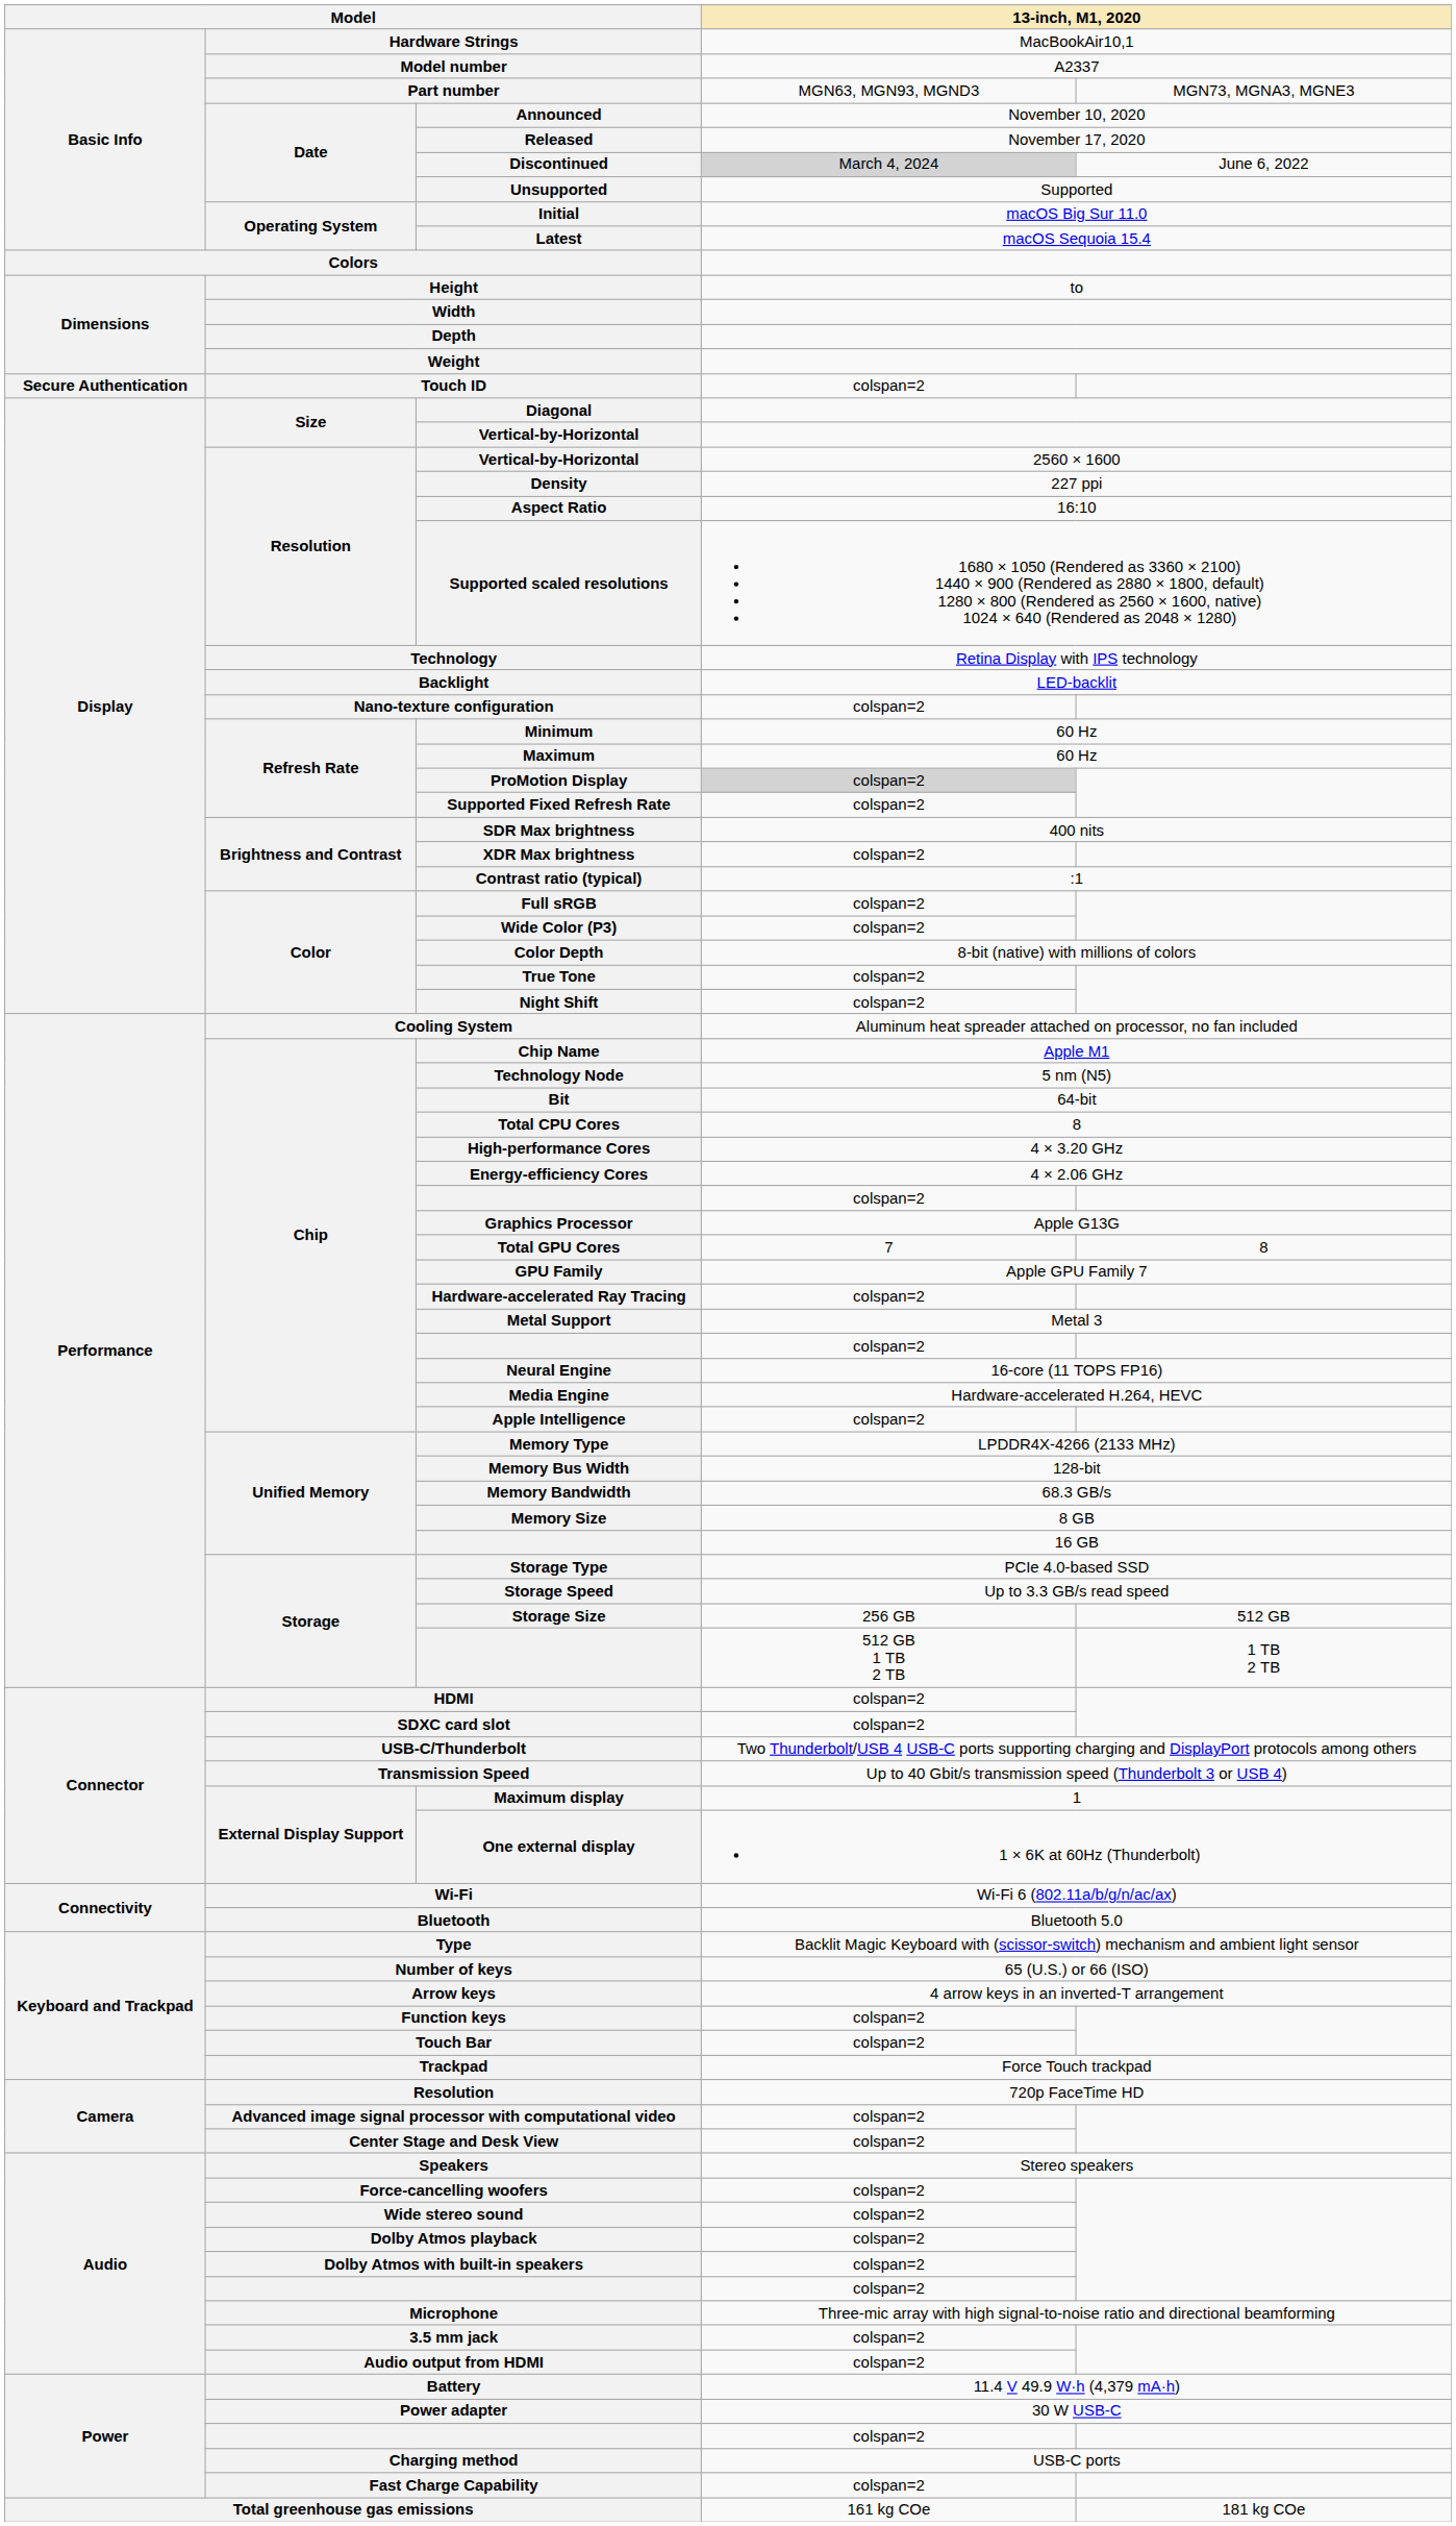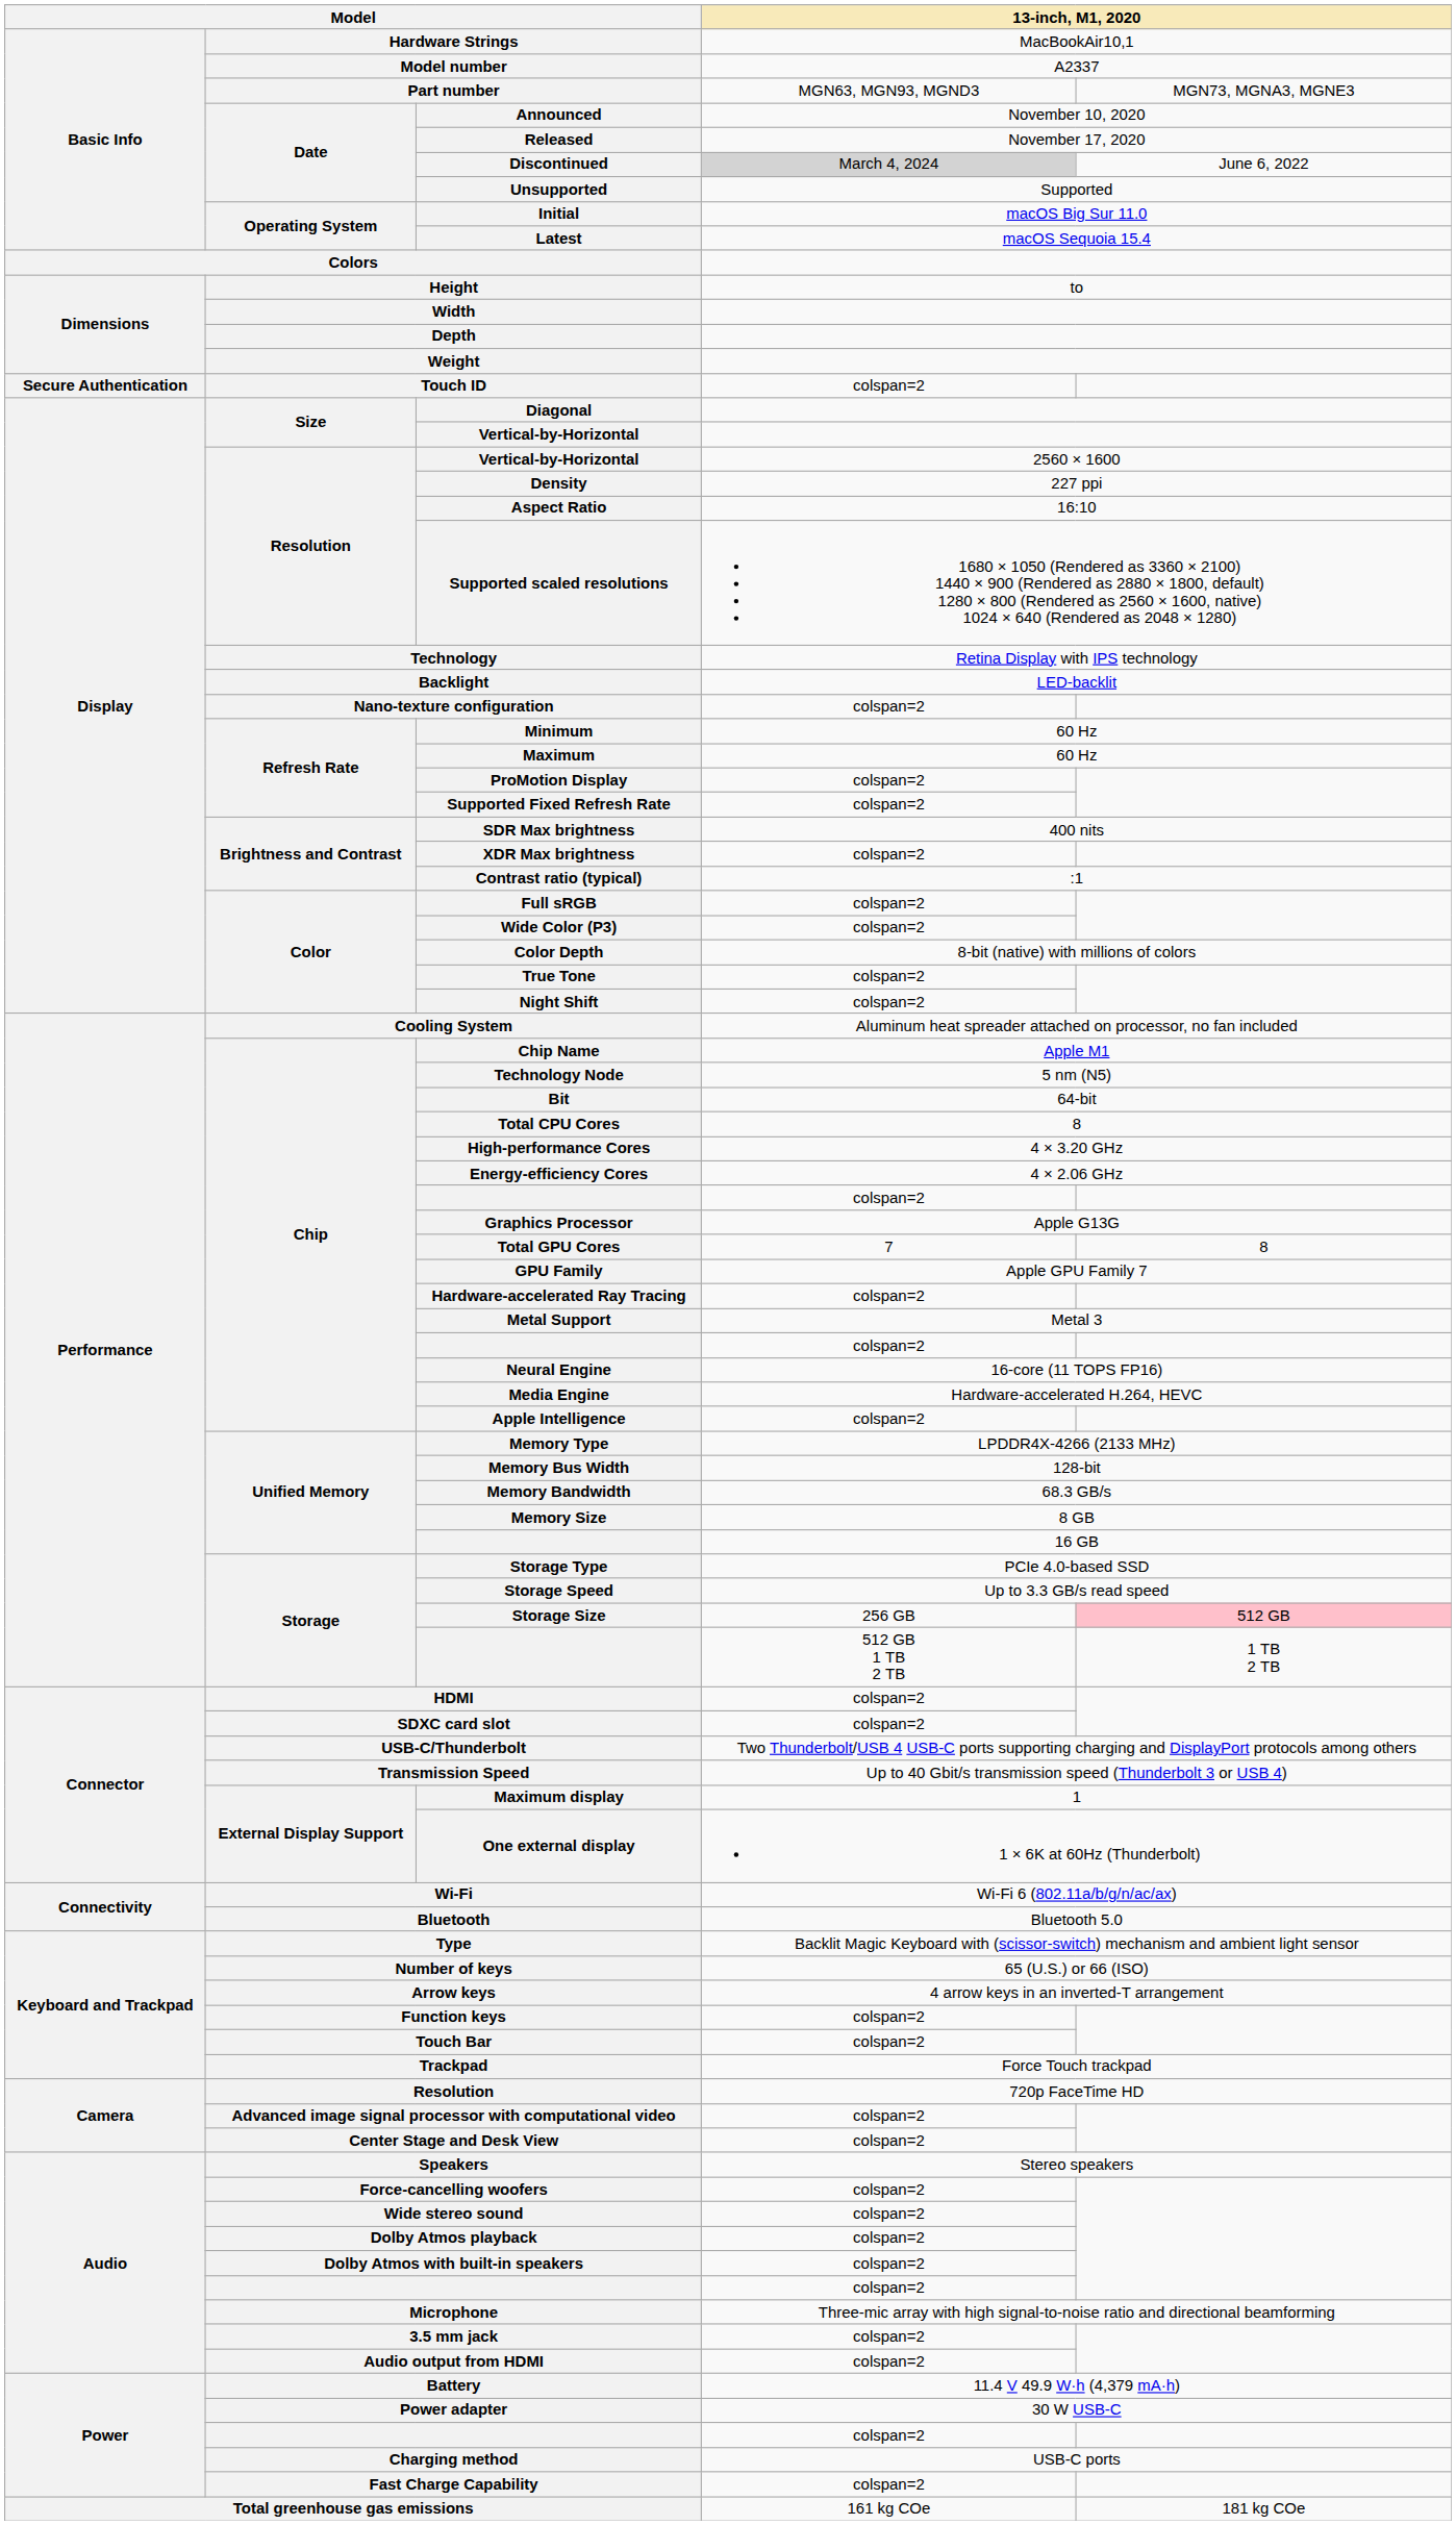 <table class="wikitable collapsible" style="text-align:center; width:100%; font-size: 85%">
 <tr>
 <th scope="colgroup" colspan=3>Model</th>
 <th scope="col" style="background-color:#f8eaba;" colspan=2>13-inch, M1, 2020</th>
 </tr>
 <tr>
 <th scope="rowgroup" rowspan=9 >Basic Info</th>
 <th scope="row" colspan=2 >Hardware Strings</th>
 <td colspan=2>MacBookAir10,1</td>
 </tr>
 <tr>
 <th scope="row" colspan=2 >Model number</th>
 <td colspan=2>A2337</td>
 </tr>
 <tr>
 <th scope="row" colspan=2 >Part number</th>
 <td>MGN63, MGN93, MGND3</td>
 <td>MGN73, MGNA3, MGNE3</td>
 </tr>
 <tr>
 <th scope="rowgroup" rowspan=4 >Date</th>
 <th scope="row" >Announced</th>
 <td colspan=2>November 10, 2020</td>
 </tr>
 <tr>
 <th scope="row" >Released</th>
 <td colspan=2>November 17, 2020</td>
 </tr>
 <tr>
 <th scope="row" >Discontinued</th>
 <td style="background: lightgrey;">March 4, 2024</td>
 <td>June 6, 2022</td>
 </tr>
 <tr>
 <th scope="row" >Unsupported</th>
 <td colspan=2>Supported</td>
 </tr>
 <tr>
 <th scope="rowgroup" rowspan=2 >Operating System</th>
 <th scope="row" >Initial</th>
 <td colspan=2><a href='#'>macOS Big Sur 11.0</a></td>
 </tr>
 <tr>
 <th scope="row" >Latest</th>
 <td colspan=2><a href='#'>macOS Sequoia 15.4</a></td>
 </tr>
 <tr>
 <th scope="row" colspan=3 >Colors</th>
 <td colspan=4><span></span> <span></span> <span></span></td>
 </tr>
 <tr>
 <th scope="rowgroup" rowspan=4 >Dimensions</th>
 <th scope="row" colspan=2 >Height</th>
 <td colspan=2> to </td>
 </tr>
 <tr>
 <th scope="row" colspan=2 >Width</th>
 <td colspan=2></td>
 </tr>
 <tr>
 <th scope="row" colspan=2 >Depth</th>
 <td colspan=2></td>
 </tr>
 <tr>
 <th scope="row" colspan=2 >Weight</th>
 <td colspan=2></td>
 </tr>
 <tr>
 <th scope="rowgroup" rowspan=1 >Secure Authentication</th>
 <th scope="row" colspan=2 >Touch ID</th>
 <td>colspan=2 </td>
 </tr>
 <tr>
 <th scope="rowgroup" rowspan=21 >Display</th>
 <th scope="rowgroup" rowspan=2 >Size</th>
 <th scope="row" >Diagonal</th>
 <td colspan=2></td>
 </tr>
 <tr>
 <th scope="row" >Vertical-by-Horizontal</th>
 <td colspan=2></td>
 </tr>
 <tr>
 <th scope="rowgroup" rowspan=4 >Resolution</th>
 <th scope="row" >Vertical-by-Horizontal</th>
 <td colspan=2>2560 × 1600</td>
 </tr>
 <tr>
 <th scope="row" >Density</th>
 <td colspan=2>227 ppi</td>
 </tr>
 <tr>
 <th scope="row" >Aspect Ratio</th>
 <td colspan=2>16:10</td>
 </tr>
 <tr>
 <th scope="row" >Supported scaled resolutions</th>
 <td colspan=2><br><ul><li>1680 × 1050 (Rendered as 3360 × 2100)</li><li>1440 × 900 (Rendered as 2880 × 1800, default)</li><li>1280 × 800 (Rendered as 2560 × 1600, native)</li><li>1024 × 640 (Rendered as 2048 × 1280)</li></ul></td>
 </tr>
 <tr>
 <th scope="rowgroup" colspan=2 >Technology</th>
 <td colspan=2><a href='#'>Retina Display</a> with <a href='#'>IPS</a> technology</td>
 </tr>
 <tr>
 <th scope="rowgroup" colspan=2 >Backlight</th>
 <td colspan=2><a href='#'>LED-backlit</a></td>
 </tr>
 <tr>
 <th scope="rowgroup" colspan=2 >Nano-texture configuration</th>
 <td>colspan=2 </td>
 </tr>
 <tr>
 <th scope="rowgroup" rowspan=4 >Refresh Rate</th>
 <th scope="row" >Minimum</th>
 <td colspan=2>60 Hz</td>
 </tr>
 <tr>
 <th scope="row" >Maximum</th>
 <td colspan=2>60 Hz</td>
 </tr>
 <tr>
 <th scope="row" >ProMotion Display</th>
-<td style="background: lightgrey;">colspan=2 </td>
+<td>colspan=2 </td>
 </tr>
 <tr>
 <th scope="row" >Supported Fixed Refresh Rate</th>
 <td>colspan=2 </td>
 </tr>
 <tr>
 <th scope="rowgroup" rowspan=3 >Brightness and Contrast</th>
 <th scope="row" >SDR Max brightness</th>
 <td colspan=2>400 nits</td>
 </tr>
 <tr>
 <th scope="row" >XDR Max brightness</th>
 <td>colspan=2 </td>
 </tr>
 <tr>
 <th scope="row" >Contrast ratio (typical)</th>
 <td colspan=2>:1</td>
 </tr>
 <tr>
 <th scope="rowgroup" rowspan=5 >Color</th>
 <th scope="row" >Full sRGB</th>
 <td>colspan=2 </td>
 </tr>
 <tr>
 <th scope="row" >Wide Color (P3)</th>
 <td>colspan=2 </td>
 </tr>
 <tr>
 <th scope="row" >Color Depth</th>
 <td colspan=2>8-bit (native) with millions of colors</td>
 </tr>
 <tr>
 <th scope="row" >True Tone</th>
 <td>colspan=2 </td>
 </tr>
 <tr>
 <th scope="row" >Night Shift</th>
 <td>colspan=2 </td>
 </tr>
 <tr>
 <th scope="rowgroup" rowspan=26 >Performance</th>
 <th scope="rowgroup" colspan=2 >Cooling System</th>
 <td colspan=2>Aluminum heat spreader attached on processor, no fan included</td>
 </tr>
 <tr>
 <th scope="rowgroup" rowspan=16 >Chip</th>
 <th scope="row" >Chip Name</th>
 <td colspan=2><a href='#'>Apple M1</a></td>
 </tr>
 <tr>
 <th scope="row" >Technology Node</th>
 <td colspan=2>5 nm (N5)</td>
 </tr>
 <tr>
 <th scope="row" >Bit</th>
 <td colspan=2>64-bit</td>
 </tr>
 <tr>
 <th scope="row" >Total CPU Cores</th>
 <td colspan=2>8</td>
 </tr>
 <tr>
 <th scope="row" >High-performance Cores</th>
 <td colspan=2>4 × 3.20 GHz</td>
 </tr>
 <tr>
 <th scope="row" >Energy-efficiency Cores</th>
 <td colspan=2>4 × 2.06 GHz</td>
 </tr>
 <tr>
 <th scope="row" ></th>
 <td>colspan=2 </td>
 </tr>
 <tr>
 <th scope="row" >Graphics Processor</th>
 <td colspan=2>Apple G13G</td>
 </tr>
 <tr>
 <th scope="row" >Total GPU Cores</th>
 <td>7</td>
 <td>8</td>
 </tr>
 <tr>
 <th scope="row" >GPU Family</th>
 <td colspan=2>Apple GPU Family 7</td>
 </tr>
 <tr>
 <th scope="row" >Hardware-accelerated Ray Tracing</th>
 <td>colspan=2 </td>
 </tr>
 <tr>
 <th scope="row" >Metal Support</th>
 <td colspan=2>Metal 3</td>
 </tr>
 <tr>
 <th scope="row" ></th>
 <td>colspan=2 </td>
 </tr>
 <tr>
 <th scope="row" >Neural Engine</th>
 <td colspan=2>16-core (11 TOPS FP16)</td>
 </tr>
 <tr>
 <th scope="row" >Media Engine</th>
 <td colspan=2>Hardware-accelerated H.264, HEVC</td>
 </tr>
 <tr>
 <th scope="row" >Apple Intelligence</th>
 <td>colspan=2 </td>
 </tr>
 <tr>
 <th scope="rowgroup" rowspan=5 >Unified Memory</th>
 <th scope="row" >Memory Type</th>
 <td colspan=2>LPDDR4X-4266 (2133 MHz)</td>
 </tr>
 <tr>
 <th scope="row" >Memory Bus Width</th>
 <td colspan=2>128-bit</td>
 </tr>
 <tr>
 <th scope="row" >Memory Bandwidth</th>
 <td colspan=2>68.3 GB/s</td>
 </tr>
 <tr>
 <th scope="row" >Memory Size</th>
 <td colspan=2>8 GB</td>
 </tr>
 <tr>
 <th scope="row" ></th>
 <td colspan=2>16 GB</td>
 </tr>
 <tr>
 <th scope="rowgroup" rowspan=4 >Storage</th>
 <th scope="row" >Storage Type</th>
 <td colspan=2>PCIe 4.0-based SSD</td>
 </tr>
 <tr>
 <th scope="row" >Storage Speed</th>
 <td colspan=2>Up to 3.3 GB/s read speed</td>
 </tr>
 <tr>
 <th scope="row" >Storage Size</th>
 <td>256 GB</td>
-<td>512 GB</td>
+<td style="background: pink;">512 GB</td>
 </tr>
 <tr>
 <th scope="row" ></th>
 <td>512 GB<br>1 TB<br>2 TB</td>
 <td>1 TB<br>2 TB</td>
 </tr>
 <tr>
 <th scope="rowgroup" rowspan=6 >Connector</th>
 <th scope="rowgroup" colspan=2 >HDMI</th>
 <td>colspan=2 </td>
 </tr>
 <tr>
 <th scope="rowgroup" colspan=2 >SDXC card slot</th>
 <td>colspan=2 </td>
 </tr>
 <tr>
 <th scope="rowgroup" colspan=2 >USB-C/Thunderbolt</th>
 <td colspan=2>Two <a href='#'>Thunderbolt</a>/<a href='#'>USB 4</a> <a href='#'>USB-C</a> ports supporting charging and <a href='#'>DisplayPort</a> protocols among others</td>
 </tr>
 <tr>
 <th scope="rowgroup" colspan=2 >Transmission Speed</th>
 <td colspan=2>Up to 40 Gbit/s transmission speed (<a href='#'>Thunderbolt 3</a> or <a href='#'>USB 4</a>)</td>
 </tr>
 <tr>
 <th scope="rowgroup" rowspan=2 >External Display Support </th>
 <th scope="row" >Maximum display</th>
 <td colspan=2>1</td>
 </tr>
 <tr>
 <th scope="row" >One external display</th>
 <td colspan=2><br><ul><li>1 × 6K at 60Hz (Thunderbolt)</li></ul></td>
 </tr>
 <tr>
 <th scope="rowgroup" rowspan=2 >Connectivity</th>
 <th scope="rowgroup" colspan=2 >Wi-Fi</th>
 <td colspan=2>Wi-Fi 6 (<a href='#'>802.11a/b/g/n/ac/ax</a>)</td>
 </tr>
 <tr>
 <th scope="rowgroup" colspan=2 >Bluetooth</th>
 <td colspan=2>Bluetooth 5.0</td>
 </tr>
 <tr>
 <th scope="rowgroup" rowspan=6 >Keyboard and Trackpad</th>
 <th scope="rowgroup" colspan=2 >Type</th>
 <td colspan=2>Backlit Magic Keyboard with (<a href='#'>scissor-switch</a>) mechanism and ambient light sensor</td>
 </tr>
 <tr>
 <th scope="rowgroup" colspan=2 >Number of keys</th>
 <td colspan=2>65 (U.S.) or 66 (ISO)</td>
 </tr>
 <tr>
 <th scope="rowgroup" colspan=2 >Arrow keys</th>
 <td colspan=2>4 arrow keys in an inverted-T arrangement</td>
 </tr>
 <tr>
 <th scope="rowgroup" colspan=2 >Function keys</th>
 <td>colspan=2 </td>
 </tr>
 <tr>
 <th scope="rowgroup" colspan=2 >Touch Bar</th>
 <td>colspan=2 </td>
 </tr>
 <tr>
 <th scope="rowgroup" colspan=2 >Trackpad</th>
 <td colspan=2>Force Touch trackpad</td>
 </tr>
 <tr>
 <th scope="rowgroup" rowspan=3 >Camera</th>
 <th scope="rowgroup" colspan=2 >Resolution</th>
 <td colspan=2>720p FaceTime HD</td>
 </tr>
 <tr>
 <th scope="rowgroup" colspan=2 >Advanced image signal processor with computational video</th>
 <td>colspan=2 </td>
 </tr>
 <tr>
 <th scope="rowgroup" colspan=2 >Center Stage and Desk View</th>
 <td>colspan=2 </td>
 </tr>
 <tr>
 <th scope="rowgroup" rowspan=9 >Audio</th>
 <th scope="rowgroup" colspan=2 >Speakers</th>
 <td colspan=4>Stereo speakers</td>
 </tr>
 <tr>
 <th scope="rowgroup" colspan=2 >Force-cancelling woofers</th>
 <td>colspan=2 </td>
 </tr>
 <tr>
 <th scope="rowgroup" colspan=2 >Wide stereo sound</th>
 <td>colspan=2 </td>
 </tr>
 <tr>
 <th scope="rowgroup" colspan=2 >Dolby Atmos playback</th>
 <td>colspan=2 </td>
 </tr>
 <tr>
 <th scope="rowgroup" colspan=2 >Dolby Atmos with built-in speakers</th>
 <td>colspan=2 </td>
 </tr>
 <tr>
 <th scope="rowgroup" colspan=2 ></th>
 <td>colspan=2 </td>
 </tr>
 <tr>
 <th scope="rowgroup" colspan=2 >Microphone</th>
 <td colspan=4>Three-mic array with high signal-to-noise ratio and directional beamforming</td>
 </tr>
 <tr>
 <th scope="rowgroup" colspan=2 >3.5 mm jack</th>
 <td>colspan=2 </td>
 </tr>
 <tr>
 <th scope="rowgroup" colspan=2 >Audio output from HDMI</th>
 <td>colspan=2 </td>
 </tr>
 <tr>
 <th scope="rowgroup" rowspan=5 >Power</th>
 <th scope="rowgroup" colspan=2 >Battery</th>
 <td colspan=2>11.4 <a href='#'>V</a> 49.9 <a href='#'>W·h</a> (4,379 <a href='#'>mA·h</a>)</td>
 </tr>
 <tr>
 <th scope="rowgroup" colspan=2 >Power adapter</th>
 <td colspan=2>30 W <a href='#'>USB-C</a></td>
 </tr>
 <tr>
 <th colspan="2" ></th>
 <td>colspan=2 </td>
 </tr>
 <tr>
 <th scope="rowgroup" colspan=2 >Charging method</th>
 <td colspan=2>USB-C ports</td>
 </tr>
 <tr>
 <th scope="rowgroup" colspan=2 >Fast Charge Capability</th>
 <td>colspan=2 </td>
 </tr>
 <tr>
 <th colspan="3" >Total greenhouse gas emissions</th>
 <td>161 kg COe</td>
 <td>181 kg COe</td>
 </tr>
 </table>
